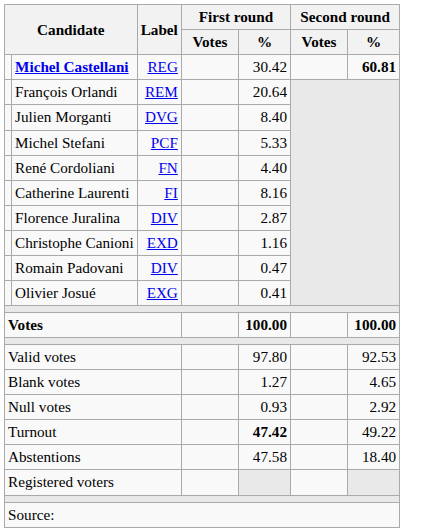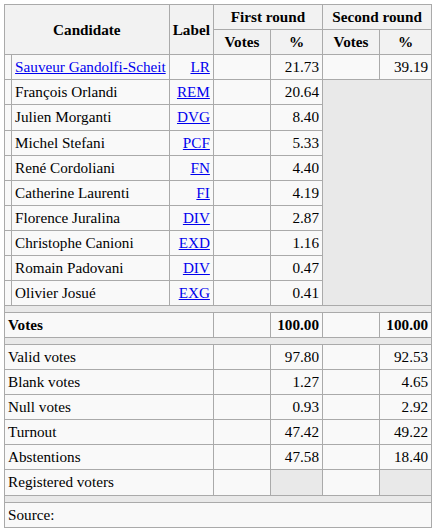 <table class="wikitable" style="text-align:right;font-size:95%;">
 <tr>
 <th rowspan="2" colspan="2">Candidate</th>
 <th rowspan="2">Label</th>
 <th colspan="2">First round</th>
 <th colspan="2">Second round</th>
 </tr>
 <tr>
 <th style="width:50px;">Votes</th>
 <th style="width:45px;">%</th>
 <th style="width:50px;">Votes</th>
 <th style="width:45px;">%</th>
 </tr>
 <tr>
 <td style="color:inherit;background:"></td>
-<td style="text-align:left;"><strong><a href='#'>Michel Castellani</a></strong></td>
-<td><a href='#'>REG</a></td>
+<td style="text-align:left;"><a href='#'>Sauveur Gandolfi-Scheit</a></td>
+<td><a href='#'>LR</a></td>
 <td></td>
-<td>30.42</td>
-<td><strong></strong></td>
-<td><strong>60.81</strong></td>
+<td>21.73</td>
+<td></td>
+<td>39.19</td>
 </tr>
 <tr>
 <td style="color:inherit;background:"></td>
 <td style="text-align:left;">François Orlandi</td>
 <td><a href='#'>REM</a></td>
 <td></td>
 <td>20.64</td>
 <td colspan="2" rowspan="9" style="background:#E9E9E9;"></td>
 </tr>
 <tr>
 <td style="color:inherit;background:"></td>
 <td style="text-align:left;">Julien Morganti</td>
 <td><a href='#'>DVG</a></td>
 <td></td>
 <td>8.40</td>
 </tr>
 <tr>
 <td style="color:inherit;background:"></td>
 <td style="text-align:left;">Michel Stefani</td>
 <td><a href='#'>PCF</a></td>
 <td></td>
 <td>5.33</td>
 </tr>
 <tr>
 <td style="color:inherit;background:"></td>
 <td style="text-align:left;">René Cordoliani</td>
 <td><a href='#'>FN</a></td>
 <td></td>
 <td>4.40</td>
 </tr>
 <tr>
 <td style="color:inherit;background:"></td>
 <td style="text-align:left;">Catherine Laurenti</td>
 <td><a href='#'>FI</a></td>
 <td></td>
-<td>8.16</td>
+<td>4.19</td>
 </tr>
 <tr>
 <td style="color:inherit;background:"></td>
 <td style="text-align:left;">Florence Juralina</td>
 <td><a href='#'>DIV</a></td>
 <td></td>
 <td>2.87</td>
 </tr>
 <tr>
 <td style="color:inherit;background:"></td>
 <td style="text-align:left;">Christophe Canioni</td>
 <td><a href='#'>EXD</a></td>
 <td></td>
 <td>1.16</td>
 </tr>
 <tr>
 <td style="color:inherit;background:"></td>
 <td style="text-align:left;">Romain Padovani</td>
 <td><a href='#'>DIV</a></td>
 <td></td>
 <td>0.47</td>
 </tr>
 <tr>
 <td style="color:inherit;background:"></td>
 <td style="text-align:left;">Olivier Josué</td>
 <td><a href='#'>EXG</a></td>
 <td></td>
 <td>0.41</td>
 </tr>
 <tr>
 <td colspan="7" style="background:#E9E9E9;"></td>
 </tr>
 <tr style="font-weight:bold;">
 <td colspan="3" style="text-align:left;">Votes</td>
 <td></td>
 <td>100.00</td>
 <td></td>
 <td>100.00</td>
 </tr>
 <tr>
 <td colspan="7" style="background:#E9E9E9;"></td>
 </tr>
 <tr>
 <td colspan="3" style="text-align:left;">Valid votes</td>
 <td></td>
 <td>97.80</td>
 <td></td>
 <td>92.53</td>
 </tr>
 <tr>
 <td colspan="3" style="text-align:left;">Blank votes</td>
 <td></td>
 <td>1.27</td>
 <td></td>
 <td>4.65</td>
 </tr>
 <tr>
 <td colspan="3" style="text-align:left;">Null votes</td>
 <td></td>
 <td>0.93</td>
 <td></td>
 <td>2.92</td>
 </tr>
 <tr>
 <td colspan="3" style="text-align:left;">Turnout</td>
 <td></td>
-<td><strong>47.42</strong></td>
+<td>47.42</td>
 <td></td>
 <td>49.22</td>
 </tr>
 <tr>
 <td colspan="3" style="text-align:left;">Abstentions</td>
 <td></td>
 <td>47.58</td>
 <td></td>
 <td>18.40</td>
 </tr>
 <tr>
 <td colspan="3" style="text-align:left;">Registered voters</td>
 <td></td>
 <td style="background:#E9E9E9;"></td>
 <td></td>
 <td style="background:#E9E9E9;"></td>
 </tr>
 <tr>
 <td colspan="7" style="background:#E9E9E9;"></td>
 </tr>
 <tr>
 <td colspan="7" style="text-align:left;">Source: </td>
 </tr>
 </table>
